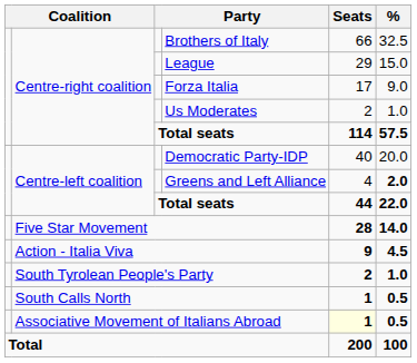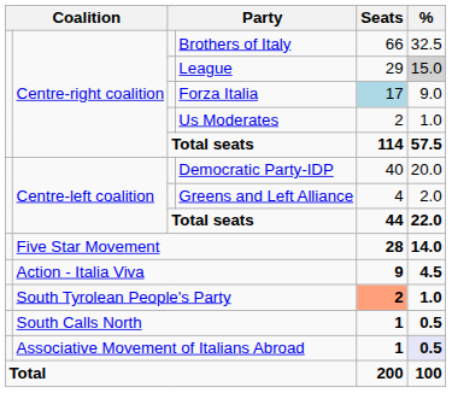 <table class="wikitable" style="text-align:right">
 <tr>
 <th colspan="2" rowspan="1">Coalition</th>
 <th colspan="2" rowspan="1">Party</th>
 <th style="text-align:center;">Seats</th>
 <th style="text-align:center;">%</th>
 </tr>
 <tr>
 <td rowspan="5"></td>
 <td rowspan="5" style="text-align:left;"><a href='#'>Centre-right coalition</a></td>
 <td></td>
 <td align="left"><a href='#'>Brothers of Italy</a></td>
 <td>66</td>
 <td>32.5</td>
 </tr>
 <tr>
 <td></td>
 <td align="left"><a href='#'>League</a></td>
 <td>29</td>
-<td>15.0</td>
+<td style="background: lightgrey;">15.0</td>
 </tr>
 <tr>
 <td></td>
 <td align="left"><a href='#'>Forza Italia</a></td>
-<td>17</td>
+<td style="background: lightblue;">17</td>
 <td>9.0</td>
 </tr>
 <tr>
 <td></td>
 <td align="left"><a href='#'>Us Moderates</a></td>
 <td>2</td>
 <td>1.0</td>
 </tr>
 <tr>
 <td colspan="2" style="text-align:left;"><strong>Total seats</strong></td>
 <td><strong>114</strong></td>
 <td><strong>57.5</strong></td>
 </tr>
 <tr>
 <td rowspan="3"></td>
 <td rowspan="3" style="text-align:left;"><a href='#'>Centre-left coalition</a></td>
 <td></td>
 <td style="text-align:left;"><a href='#'>Democratic Party-IDP</a></td>
 <td>40</td>
 <td>20.0</td>
 </tr>
 <tr>
 <td></td>
 <td style="text-align:left;"><a href='#'>Greens and Left Alliance</a></td>
 <td>4</td>
-<td><strong>2.0</strong></td>
+<td>2.0</td>
 </tr>
 <tr>
 <td colspan="2" style="text-align:left;"><strong>Total seats</strong></td>
 <td><strong>44</strong></td>
 <td><strong>22.0</strong></td>
 </tr>
 <tr>
 <td style="background:"></td>
 <td colspan="3" style="text-align:left;"><a href='#'>Five Star Movement</a></td>
 <td><strong>28</strong></td>
 <td><strong>14.0</strong></td>
 </tr>
 <tr>
 <td style="background:"></td>
 <td colspan="3" style="text-align:left;"><a href='#'>Action - Italia Viva</a></td>
 <td><strong>9</strong></td>
 <td><strong>4.5</strong></td>
 </tr>
 <tr>
 <td style="background:"></td>
 <td colspan="3" style="text-align:left;"><a href='#'>South Tyrolean People's Party</a></td>
-<td><strong>2</strong></td>
+<td style="background: lightsalmon;"><strong>2</strong></td>
 <td><strong>1.0</strong></td>
 </tr>
 <tr>
 <td></td>
 <td colspan="3" style="text-align:left;"><a href='#'>South Calls North</a></td>
 <td><strong>1</strong></td>
 <td><strong>0.5</strong></td>
 </tr>
 <tr>
 <td></td>
 <td colspan="3" style="text-align:left;"><a href='#'>Associative Movement of Italians Abroad</a></td>
-<td style="background: lightyellow;"><strong>1</strong></td>
-<td><strong>0.5</strong></td>
+<td><strong>1</strong></td>
+<td style="background: lavender;"><strong>0.5</strong></td>
 </tr>
 <tr>
 <td colspan="4" style="text-align:left;"><strong>Total</strong></td>
 <td><strong>200</strong></td>
 <td><strong>100</strong></td>
 </tr>
 </table>
